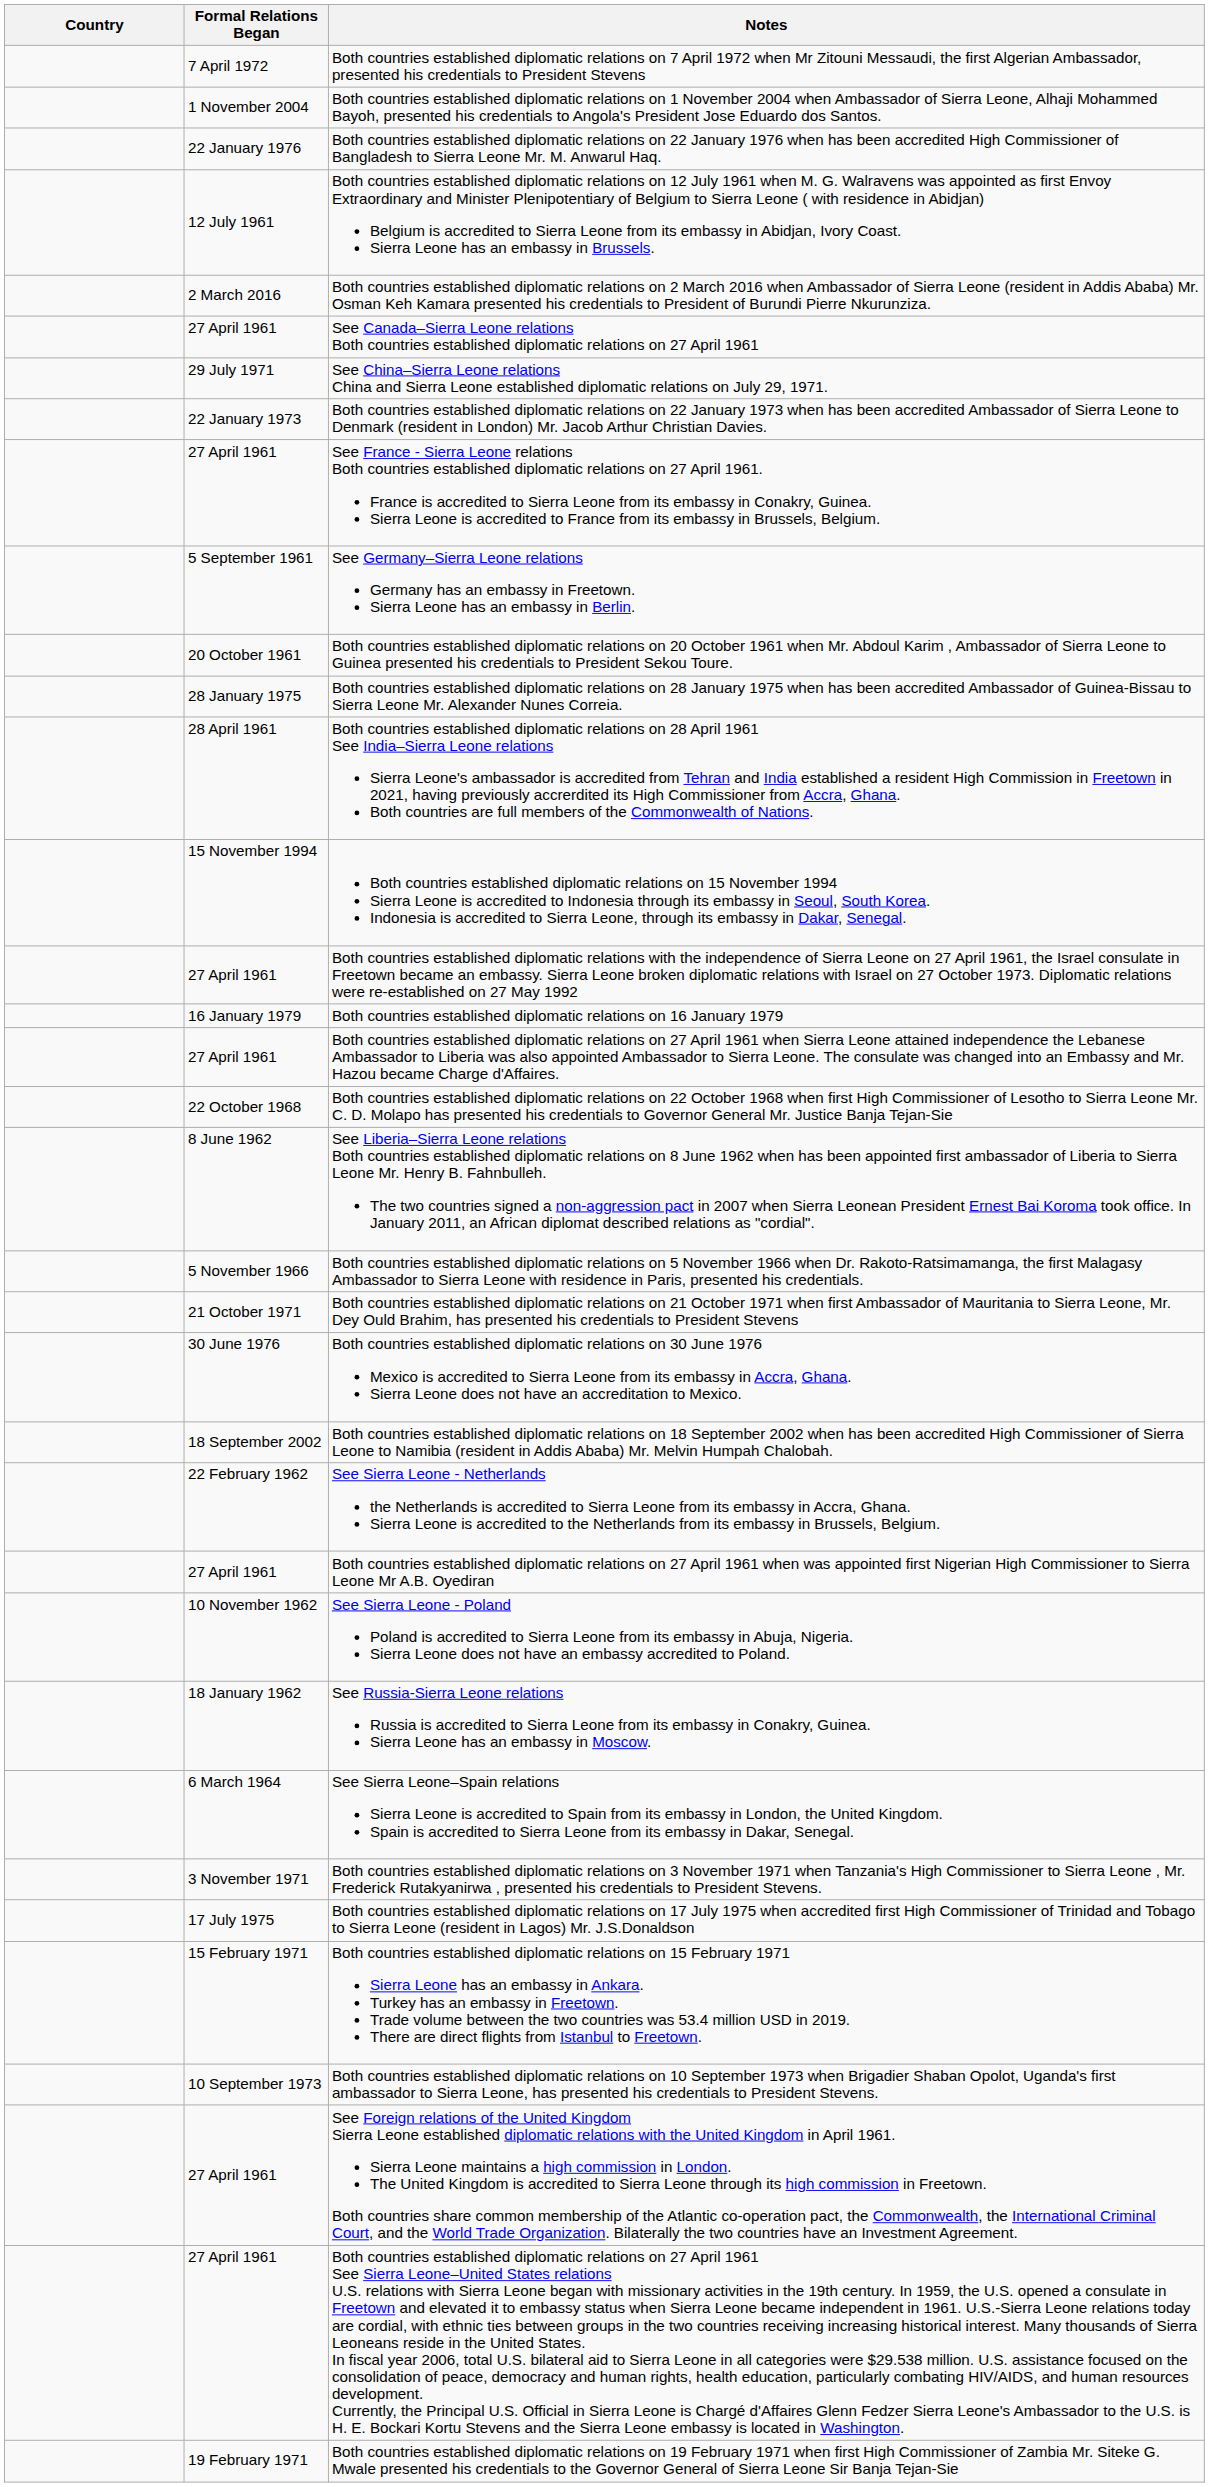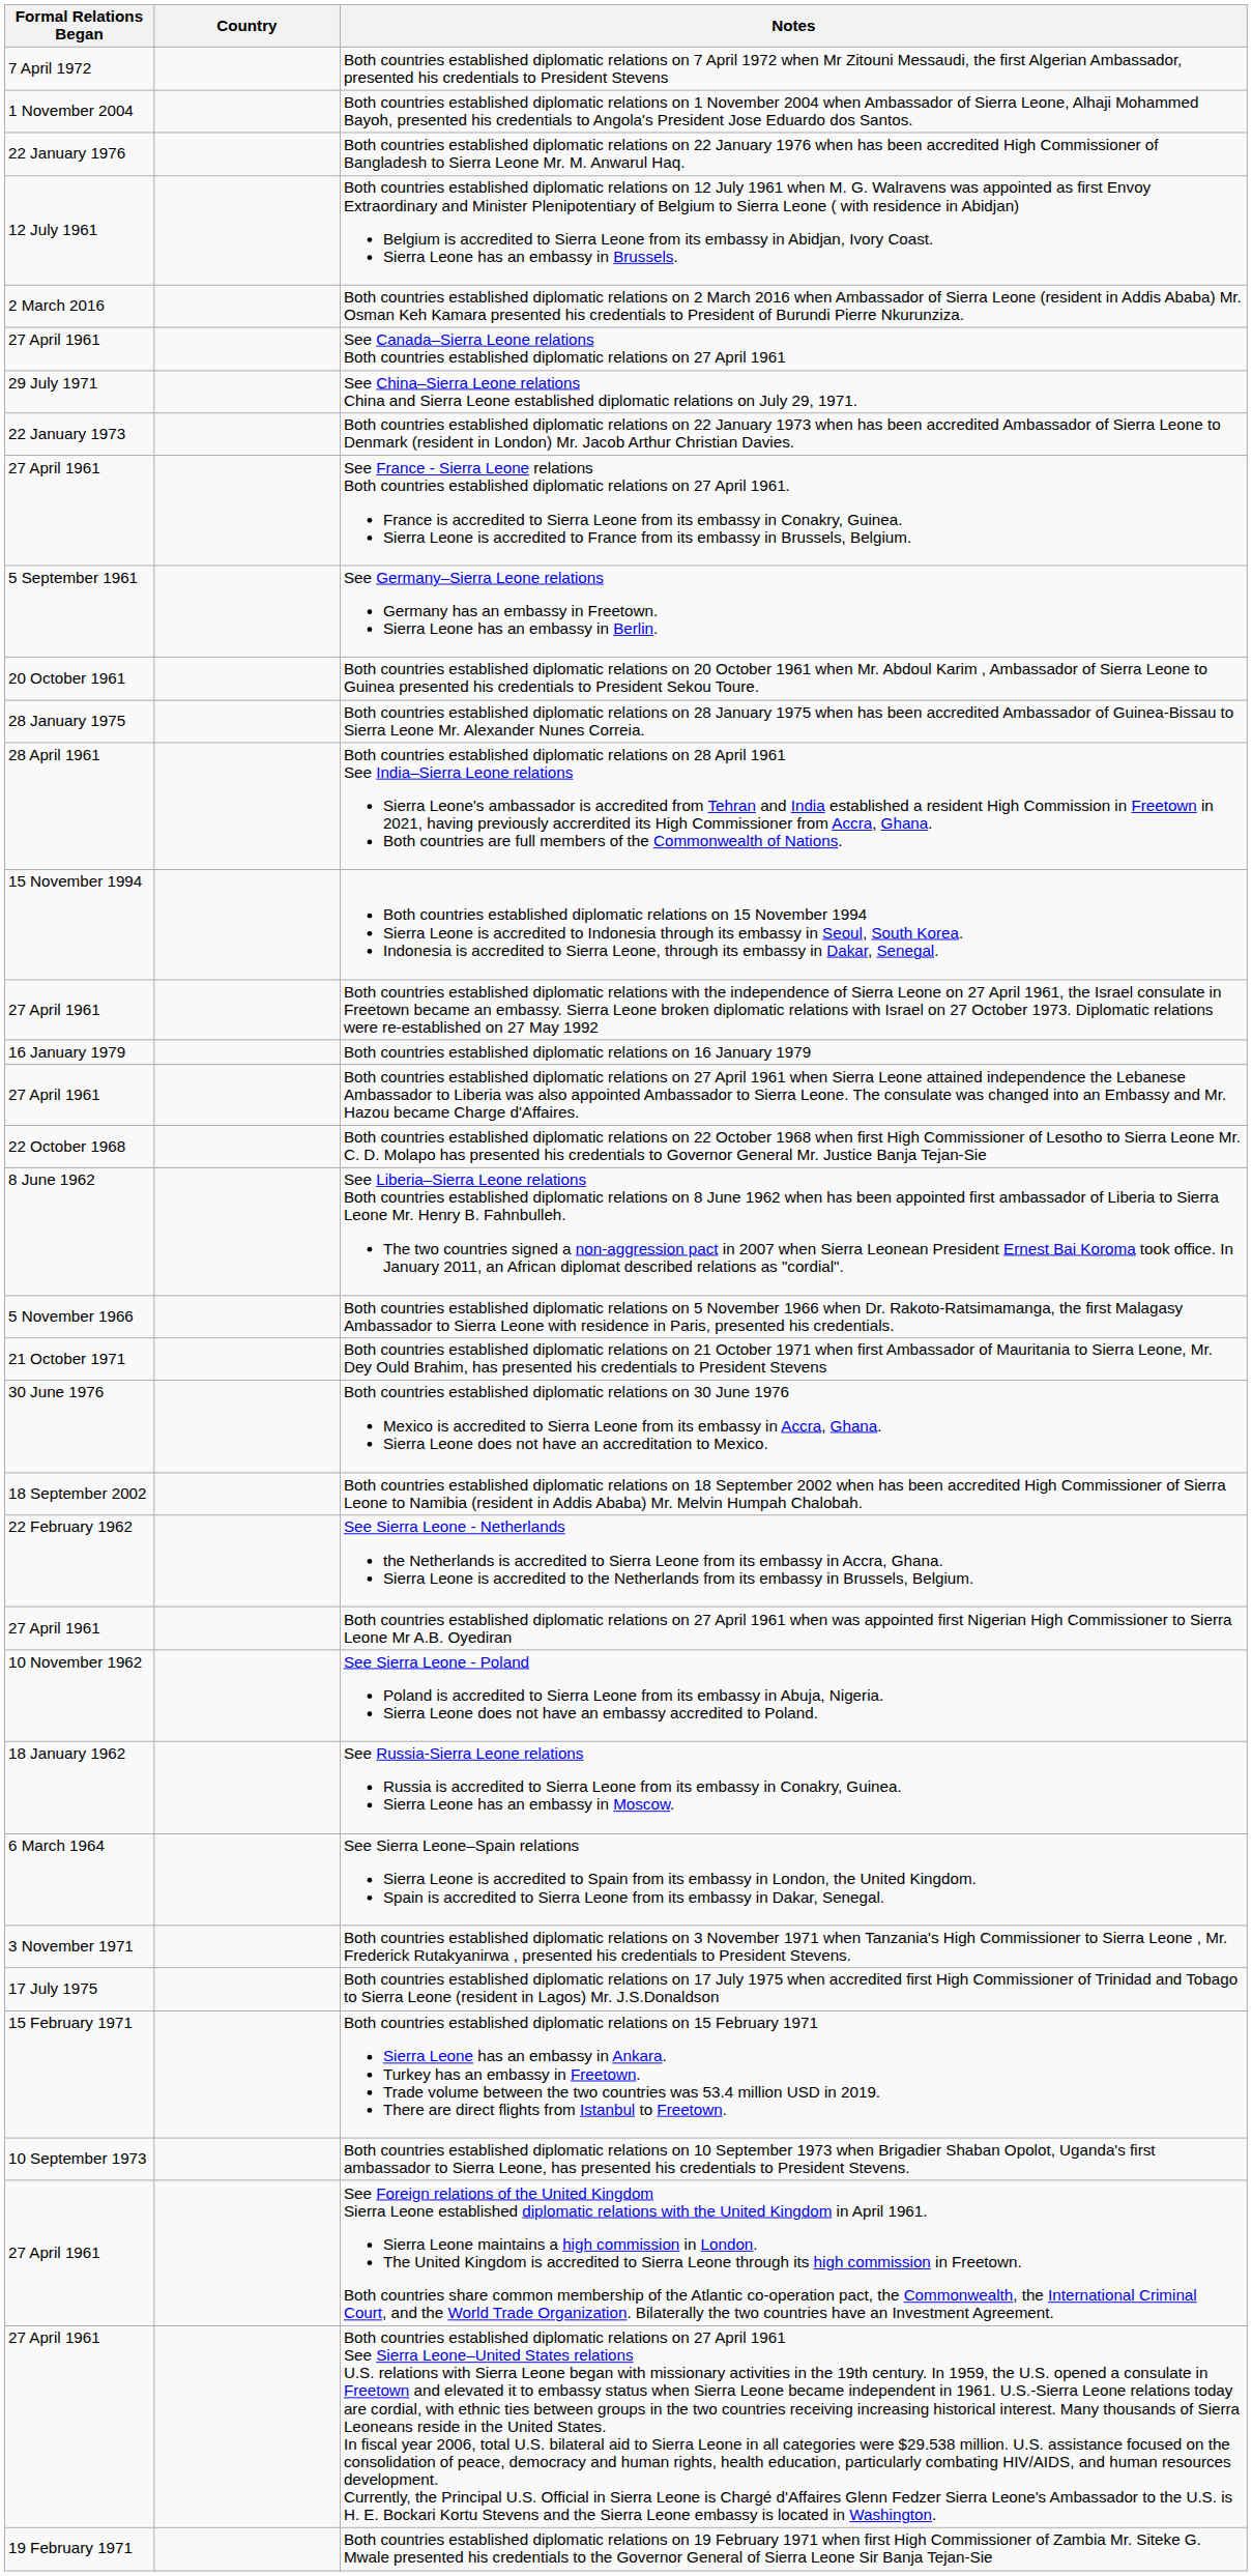 <table class="wikitable sortable" style="width:100%; margin:auto;">
 <tr>
+<th style="width:12%;">Formal Relations Began</th>
 <th style="width:15%;">Country</th>
-<th style="width:12%;">Formal Relations Began</th>
 <th>Notes</th>
 </tr>
 <tr>
+<td>7 April 1972</td>
 <td></td>
-<td>7 April 1972</td>
 <td>Both countries established diplomatic relations on 7 April 1972 when Mr Zitouni Messaudi, the first Algerian Ambassador, presented his credentials to President Stevens</td>
 </tr>
 <tr>
+<td>1 November 2004</td>
 <td></td>
-<td>1 November 2004</td>
 <td>Both countries established diplomatic relations on 1 November 2004 when Ambassador of Sierra Leone, Alhaji Mohammed Bayoh, presented his credentials to Angola's President Jose Eduardo dos Santos.</td>
 </tr>
 <tr>
+<td>22 January 1976</td>
 <td></td>
-<td>22 January 1976</td>
 <td>Both countries established diplomatic relations on 22 January 1976 when has been accredited High Commissioner of Bangladesh to Sierra Leone Mr. M. Anwarul Haq.</td>
 </tr>
 <tr>
+<td>12 July 1961</td>
 <td></td>
-<td>12 July 1961</td>
 <td>Both countries established diplomatic relations on 12 July 1961 when M. G. Walravens was appointed as first Envoy Extraordinary and Minister Plenipotentiary of Belgium to Sierra Leone ( with residence in Abidjan)<br><ul><li>Belgium is accredited to Sierra Leone from its embassy in Abidjan, Ivory Coast.</li><li>Sierra Leone has an embassy in <a href='#'>Brussels</a>.</li></ul></td>
 </tr>
 <tr>
+<td>2 March 2016</td>
 <td></td>
-<td>2 March 2016</td>
 <td>Both countries established diplomatic relations on 2 March 2016 when Ambassador of Sierra Leone (resident in Addis Ababa) Mr. Osman Keh Kamara presented his credentials to President of Burundi Pierre Nkurunziza.</td>
 </tr>
 <tr valign="top">
+<td>27 April 1961</td>
 <td></td>
-<td>27 April 1961</td>
 <td>See <a href='#'>Canada–Sierra Leone relations</a><br>Both countries established diplomatic relations on 27 April 1961</td>
 </tr>
 <tr valign="top">
+<td>29 July 1971</td>
 <td></td>
-<td>29 July 1971</td>
 <td>See <a href='#'>China–Sierra Leone relations</a><br>China and Sierra Leone established diplomatic relations on July 29, 1971.</td>
 </tr>
 <tr>
+<td>22 January 1973</td>
 <td></td>
-<td>22 January 1973</td>
 <td>Both countries established diplomatic relations on 22 January 1973 when has been accredited Ambassador of Sierra Leone to Denmark (resident in London) Mr. Jacob Arthur Christian Davies.</td>
 </tr>
 <tr valign="top">
+<td>27 April 1961</td>
 <td></td>
-<td>27 April 1961</td>
 <td>See <a href='#'>France - Sierra Leone</a> relations<br>Both countries established diplomatic relations on 27 April 1961.<ul><li>France is accredited to Sierra Leone from its embassy in Conakry, Guinea.</li><li>Sierra Leone is accredited to France from its embassy in Brussels, Belgium.</li></ul></td>
 </tr>
 <tr valign="top">
+<td>5 September 1961</td>
 <td></td>
-<td>5 September 1961</td>
 <td>See <a href='#'>Germany–Sierra Leone relations</a><br><ul><li>Germany has an embassy in Freetown.</li><li>Sierra Leone has an embassy in <a href='#'>Berlin</a>.</li></ul></td>
 </tr>
 <tr>
+<td>20 October 1961</td>
 <td></td>
-<td>20 October 1961</td>
 <td>Both countries established diplomatic relations on 20 October 1961 when Mr. Abdoul Karim , Ambassador of Sierra Leone to Guinea presented his credentials to President Sekou Toure.</td>
 </tr>
 <tr>
+<td>28 January 1975</td>
 <td></td>
-<td>28 January 1975</td>
 <td>Both countries established diplomatic relations on 28 January 1975 when has been accredited Ambassador of Guinea-Bissau to Sierra Leone Mr. Alexander Nunes Correia.</td>
 </tr>
 <tr valign="top">
+<td>28 April 1961</td>
 <td></td>
-<td>28 April 1961</td>
 <td>Both countries established diplomatic relations on 28 April 1961<br>See <a href='#'>India–Sierra Leone relations</a><ul><li>Sierra Leone's ambassador is accredited from <a href='#'>Tehran</a> and <a href='#'>India</a> established a resident High Commission in <a href='#'>Freetown</a> in 2021, having previously accrerdited its High Commissioner from <a href='#'>Accra</a>, <a href='#'>Ghana</a>.</li><li>Both countries are full members of the <a href='#'>Commonwealth of Nations</a>.</li></ul></td>
 </tr>
 <tr valign="top">
+<td>15 November 1994</td>
 <td></td>
-<td>15 November 1994</td>
 <td><br><ul><li>Both countries established diplomatic relations on 15 November 1994</li><li>Sierra Leone is accredited to Indonesia through its embassy in <a href='#'>Seoul</a>, <a href='#'>South Korea</a>.</li><li>Indonesia is accredited to Sierra Leone, through its embassy in <a href='#'>Dakar</a>, <a href='#'>Senegal</a>.</li></ul></td>
 </tr>
 <tr>
+<td>27 April 1961</td>
 <td></td>
-<td>27 April 1961</td>
 <td>Both countries established diplomatic relations with the independence of Sierra Leone on 27 April 1961, the Israel consulate in Freetown became an embassy. Sierra Leone broken diplomatic relations with Israel on 27 October 1973. Diplomatic relations were re-established on 27 May 1992</td>
 </tr>
 <tr>
+<td>16 January 1979</td>
 <td></td>
-<td>16 January 1979</td>
 <td>Both countries established diplomatic relations on 16 January 1979</td>
 </tr>
 <tr>
+<td>27 April 1961</td>
 <td></td>
-<td>27 April 1961</td>
 <td>Both countries established diplomatic relations on 27 April 1961 when Sierra Leone attained independence the Lebanese Ambassador to Liberia was also appointed Ambassador to Sierra Leone. The consulate was changed into an Embassy and Mr. Hazou became Charge d'Affaires.</td>
 </tr>
 <tr>
+<td>22 October 1968</td>
 <td></td>
-<td>22 October 1968</td>
 <td>Both countries established diplomatic relations on 22 October 1968 when first High Commissioner of Lesotho to Sierra Leone Mr. C. D. Molapo has presented his credentials to Governor General Mr. Justice Banja Tejan-Sie</td>
 </tr>
 <tr valign="top">
+<td>8 June 1962</td>
 <td></td>
-<td>8 June 1962</td>
 <td>See <a href='#'>Liberia–Sierra Leone relations</a><br>Both countries established diplomatic relations on 8 June 1962 when has been appointed first ambassador of Liberia to Sierra Leone Mr. Henry B. Fahnbulleh.<ul><li>The two countries signed a <a href='#'>non-aggression pact</a> in 2007 when Sierra Leonean President <a href='#'>Ernest Bai Koroma</a> took office. In January 2011, an African diplomat described relations as "cordial".</li></ul></td>
 </tr>
 <tr>
+<td>5 November 1966</td>
 <td></td>
-<td>5 November 1966</td>
 <td>Both countries established diplomatic relations on 5 November 1966 when Dr. Rakoto-Ratsimamanga, the first Malagasy Ambassador to Sierra Leone with residence in Paris, presented his credentials.</td>
 </tr>
 <tr>
+<td>21 October 1971</td>
 <td></td>
-<td>21 October 1971</td>
 <td>Both countries established diplomatic relations on 21 October 1971 when first Ambassador of Mauritania to Sierra Leone, Mr. Dey Ould Brahim, has presented his credentials to President Stevens</td>
 </tr>
 <tr valign="top">
+<td>30 June 1976</td>
 <td></td>
-<td>30 June 1976</td>
 <td>Both countries established diplomatic relations on 30 June 1976<br><ul><li>Mexico is accredited to Sierra Leone from its embassy in <a href='#'>Accra</a>, <a href='#'>Ghana</a>.</li><li>Sierra Leone does not have an accreditation to Mexico.</li></ul></td>
 </tr>
 <tr>
+<td>18 September 2002</td>
 <td></td>
-<td>18 September 2002</td>
 <td>Both countries established diplomatic relations on 18 September 2002 when has been accredited High Commissioner of Sierra Leone to Namibia (resident in Addis Ababa) Mr. Melvin Humpah Chalobah.</td>
 </tr>
 <tr valign="top">
+<td>22 February 1962</td>
 <td></td>
-<td>22 February 1962</td>
 <td><a href='#'>See Sierra Leone - Netherlands</a><br><ul><li>the Netherlands is accredited to Sierra Leone from its embassy in Accra, Ghana.</li><li>Sierra Leone is accredited to the Netherlands from its embassy in Brussels, Belgium.</li></ul></td>
 </tr>
 <tr>
+<td>27 April 1961</td>
 <td></td>
-<td>27 April 1961</td>
 <td>Both countries established diplomatic relations on 27 April 1961 when was appointed first Nigerian High Commissioner to Sierra Leone Mr A.B. Oyediran</td>
 </tr>
 <tr valign="top">
+<td>10 November 1962</td>
 <td></td>
-<td>10 November 1962</td>
 <td><a href='#'>See Sierra Leone - Poland</a><br><ul><li>Poland is accredited to Sierra Leone from its embassy in Abuja, Nigeria.</li><li>Sierra Leone does not have an embassy accredited to Poland.</li></ul></td>
 </tr>
 <tr valign="top">
+<td>18 January 1962</td>
 <td></td>
-<td>18 January 1962</td>
 <td>See <a href='#'>Russia-Sierra Leone relations</a><br><ul><li>Russia is accredited to Sierra Leone from its embassy in Conakry, Guinea.</li><li>Sierra Leone has an embassy in <a href='#'>Moscow</a>.</li></ul></td>
 </tr>
 <tr valign="top">
+<td>6 March 1964</td>
 <td></td>
-<td>6 March 1964</td>
 <td>See Sierra Leone–Spain relations<br><ul><li>Sierra Leone is accredited to Spain from its embassy in London, the United Kingdom.</li><li>Spain is accredited to Sierra Leone from its embassy in Dakar, Senegal.</li></ul></td>
 </tr>
 <tr>
+<td>3 November 1971</td>
 <td></td>
-<td>3 November 1971</td>
 <td>Both countries established diplomatic relations on 3 November 1971 when Tanzania's High Commissioner to Sierra Leone , Mr. Frederick Rutakyanirwa , presented his credentials to President Stevens.</td>
 </tr>
 <tr>
+<td>17 July 1975</td>
 <td></td>
-<td>17 July 1975</td>
 <td>Both countries established diplomatic relations on 17 July 1975 when accredited first High Commissioner of Trinidad and Tobago to Sierra Leone (resident in Lagos) Mr. J.S.Donaldson</td>
 </tr>
 <tr valign="top">
+<td>15 February 1971</td>
 <td></td>
-<td>15 February 1971</td>
 <td>Both countries established diplomatic relations on 15 February 1971<br><ul><li><a href='#'>Sierra Leone</a> has an embassy in <a href='#'>Ankara</a>.</li><li>Turkey has an embassy in <a href='#'>Freetown</a>.</li><li>Trade volume between the two countries was 53.4 million USD in 2019.</li><li>There are direct flights from <a href='#'>Istanbul</a> to <a href='#'>Freetown</a>.</li></ul></td>
 </tr>
 <tr>
+<td>10 September 1973</td>
 <td></td>
-<td>10 September 1973</td>
 <td>Both countries established diplomatic relations on 10 September 1973 when Brigadier Shaban Opolot, Uganda's first ambassador to Sierra Leone, has presented his credentials to President Stevens.</td>
 </tr>
 <tr>
+<td>27 April 1961</td>
 <td></td>
-<td>27 April 1961</td>
 <td>See <a href='#'>Foreign relations of the United Kingdom</a><br>Sierra Leone established <a href='#'>diplomatic relations with the United Kingdom</a> in April 1961.<ul><li>Sierra Leone maintains a <a href='#'>high commission</a> in <a href='#'>London</a>.</li><li>The United Kingdom is accredited to Sierra Leone through its <a href='#'>high commission</a> in Freetown.</li></ul>Both countries share common membership of the Atlantic co-operation pact, the <a href='#'>Commonwealth</a>, the <a href='#'>International Criminal Court</a>, and the <a href='#'>World Trade Organization</a>. Bilaterally the two countries have an Investment Agreement.</td>
 </tr>
 <tr valign="top">
+<td>27 April 1961</td>
 <td></td>
-<td>27 April 1961</td>
 <td>Both countries established diplomatic relations on 27 April 1961<br>See <a href='#'>Sierra Leone–United States relations</a> <br>U.S. relations with Sierra Leone began with missionary activities in the 19th century. In 1959, the U.S. opened a consulate in <a href='#'>Freetown</a> and elevated it to embassy status when Sierra Leone became independent in 1961. U.S.-Sierra Leone relations today are cordial, with ethnic ties between groups in the two countries receiving increasing historical interest. Many thousands of Sierra Leoneans reside in the United States.<br>In fiscal year 2006, total U.S. bilateral aid to Sierra Leone in all categories were $29.538 million. U.S. assistance focused on the consolidation of peace, democracy and human rights, health education, particularly combating HIV/AIDS, and human resources development.<br>Currently, the Principal U.S. Official in Sierra Leone is Chargé d'Affaires Glenn Fedzer   Sierra Leone's Ambassador to the U.S. is H. E. Bockari Kortu Stevens and the Sierra Leone embassy is located in <a href='#'>Washington</a>.<br></td>
 </tr>
 <tr>
+<td>19 February 1971</td>
 <td></td>
-<td>19 February 1971</td>
 <td>Both countries established diplomatic relations on 19 February 1971 when first High Commissioner of Zambia Mr. Siteke G. Mwale presented his credentials to the Governor General of Sierra Leone Sir Banja Tejan-Sie</td>
 </tr>
 </table>
